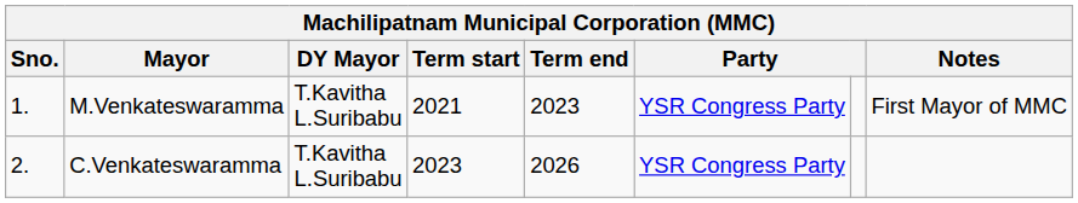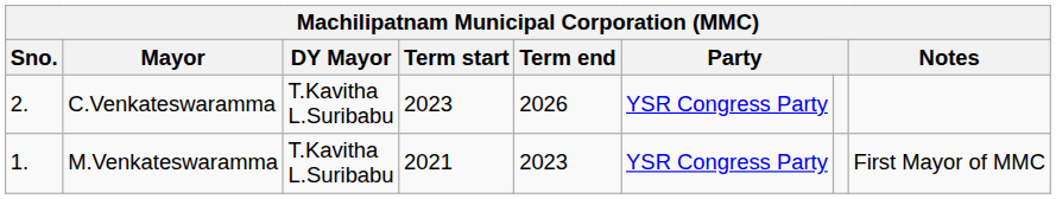 <table class="wikitable sortable">
 <tr>
 <th colspan="8">Machilipatnam Municipal Corporation (MMC)</th>
 </tr>
 <tr>
 <th>Sno.</th>
 <th>Mayor</th>
 <th>DY Mayor</th>
 <th>Term start</th>
 <th>Term end</th>
 <th colspan=2>Party</th>
 <th>Notes</th>
 </tr>
 <tr>
+<td>2.</td>
+<td>C.Venkateswaramma</td>
+<td>T.Kavitha<br>L.Suribabu</td>
+<td>2023</td>
+<td>2026</td>
+<td rowspan="1"><a href='#'>YSR Congress Party</a></td>
+<td rowspan="1" width="4px" style="background-color: "></td>
+<td></td>
+</tr>
+<tr>
 <td>1.</td>
 <td>M.Venkateswaramma</td>
 <td>T.Kavitha<br>L.Suribabu</td>
 <td>2021</td>
 <td>2023</td>
 <td rowspan="1"><a href='#'>YSR Congress Party</a></td>
 <td rowspan="1" width="4px" style="background-color: "></td>
 <td>First Mayor of MMC</td>
 </tr>
-<tr>
-<td>2.</td>
-<td>C.Venkateswaramma</td>
-<td>T.Kavitha<br>L.Suribabu</td>
-<td>2023</td>
-<td>2026</td>
-<td rowspan="1"><a href='#'>YSR Congress Party</a></td>
-<td rowspan="1" width="4px" style="background-color: "></td>
-<td></td>
-</tr>
 </table>
